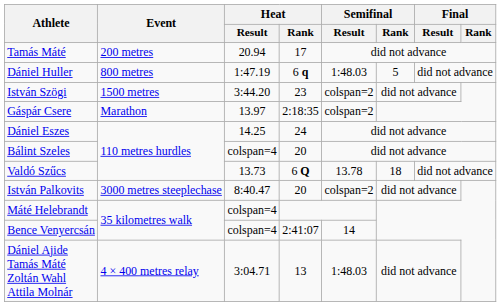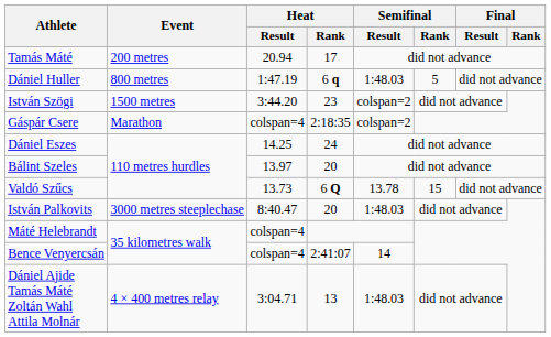 <table class=wikitable style=font-size:90%>
 <tr>
 <th rowspan=2>Athlete</th>
 <th rowspan=2>Event</th>
 <th colspan=2>Heat</th>
 <th colspan=2>Semifinal</th>
 <th colspan=2>Final</th>
 </tr>
 <tr style=font-size:95%>
 <th>Result</th>
 <th>Rank</th>
 <th>Result</th>
 <th>Rank</th>
 <th>Result</th>
 <th>Rank</th>
 </tr>
 <tr align=center>
 <td align=left><a href='#'>Tamás Máté</a></td>
 <td align=left><a href='#'>200 metres</a></td>
 <td>20.94</td>
 <td>17</td>
 <td colspan=4>did not advance</td>
 </tr>
 <tr align=center>
 <td align=left><a href='#'>Dániel Huller</a></td>
 <td align=left><a href='#'>800 metres</a></td>
 <td>1:47.19</td>
 <td>6 <strong>q</strong></td>
 <td>1:48.03</td>
 <td>5</td>
 <td colspan=2>did not advance</td>
 </tr>
 <tr align=center>
 <td align=left><a href='#'>István Szögi</a></td>
 <td align=left><a href='#'>1500 metres</a></td>
 <td>3:44.20</td>
 <td>23</td>
 <td>colspan=2</td>
 <td colspan=2>did not advance</td>
 </tr>
 <tr align=center>
 <td align=left><a href='#'>Gáspár Csere</a></td>
 <td align=left><a href='#'>Marathon</a></td>
-<td>13.97</td>
+<td>colspan=4</td>
 <td>2:18:35 <strong></strong></td>
 <td>colspan=2</td>
 </tr>
 <tr align=center>
 <td align=left><a href='#'>Dániel Eszes</a></td>
 <td align=left rowspan=3><a href='#'>110 metres hurdles</a></td>
 <td>14.25</td>
 <td>24</td>
 <td colspan=4>did not advance</td>
 </tr>
 <tr align=center>
 <td align=left><a href='#'>Bálint Szeles</a></td>
-<td>colspan=4</td>
+<td>13.97</td>
 <td>20</td>
 <td colspan=4>did not advance</td>
 </tr>
 <tr align=center>
 <td align=left><a href='#'>Valdó Szűcs</a></td>
 <td>13.73</td>
 <td>6 <strong>Q</strong></td>
 <td>13.78</td>
-<td>18</td>
+<td>15</td>
 <td colspan=2>did not advance</td>
 </tr>
 <tr align=center>
 <td align=left><a href='#'>István Palkovits</a></td>
 <td align=left><a href='#'>3000 metres steeplechase</a></td>
 <td>8:40.47</td>
 <td>20</td>
-<td>colspan=2</td>
+<td>1:48.03</td>
 <td colspan=2>did not advance</td>
 </tr>
 <tr align=center>
 <td align=left><a href='#'>Máté Helebrandt</a></td>
 <td align=left rowspan=2><a href='#'>35 kilometres walk</a></td>
 <td>colspan=4</td>
 <td colspan=2></td>
 </tr>
 <tr align=center>
 <td align=left><a href='#'>Bence Venyercsán</a></td>
 <td>colspan=4</td>
 <td>2:41:07 <strong></strong></td>
 <td>14</td>
 </tr>
 <tr align=center>
 <td align=left><a href='#'>Dániel Ajide</a><br><a href='#'>Tamás Máté</a><br><a href='#'>Zoltán Wahl</a><br><a href='#'>Attila Molnár</a></td>
 <td align=left><a href='#'>4 × 400 metres relay</a></td>
 <td>3:04.71</td>
 <td>13</td>
 <td>1:48.03</td>
 <td colspan=2>did not advance</td>
 </tr>
 </table>
